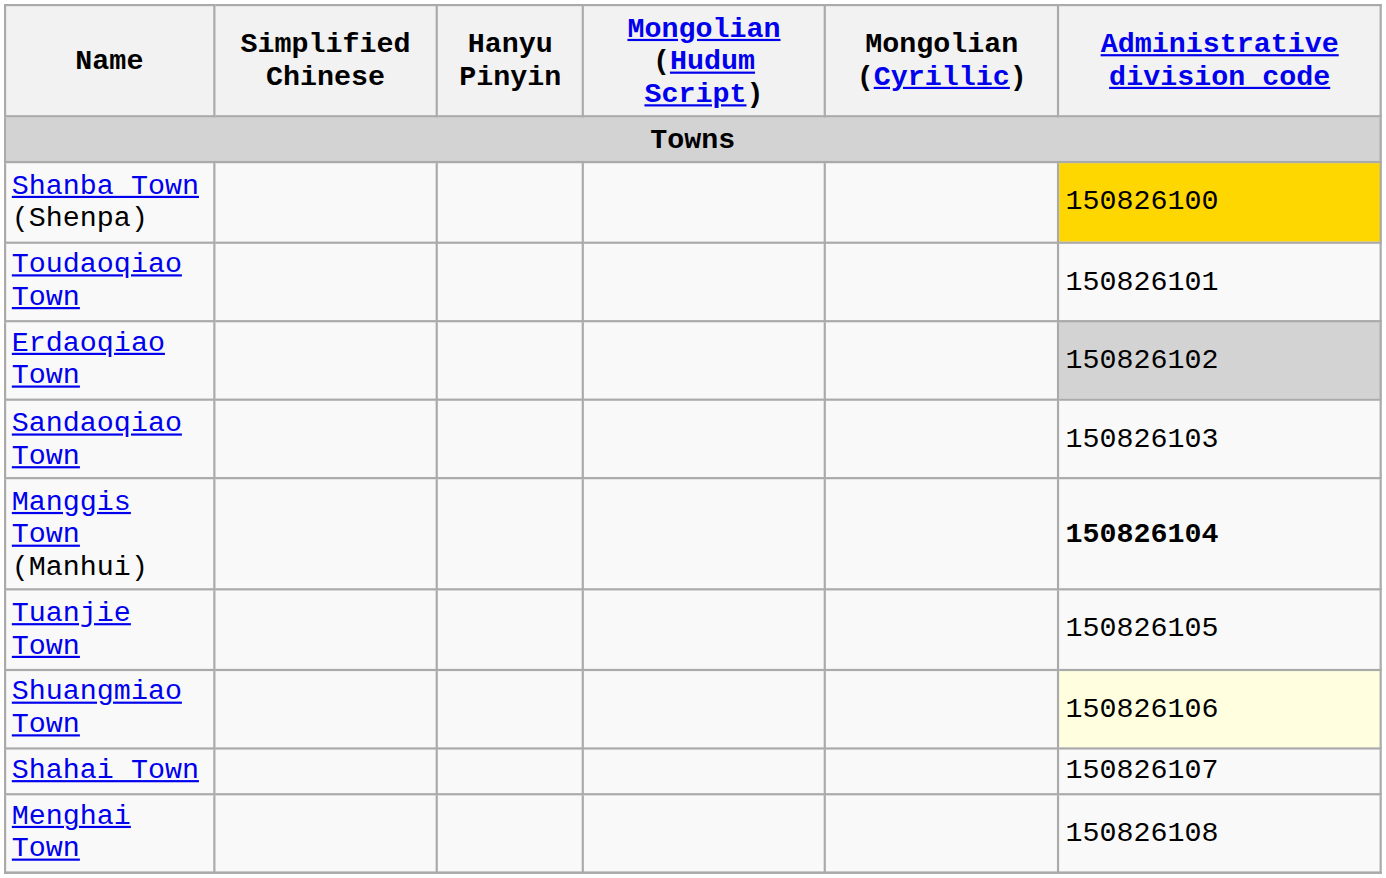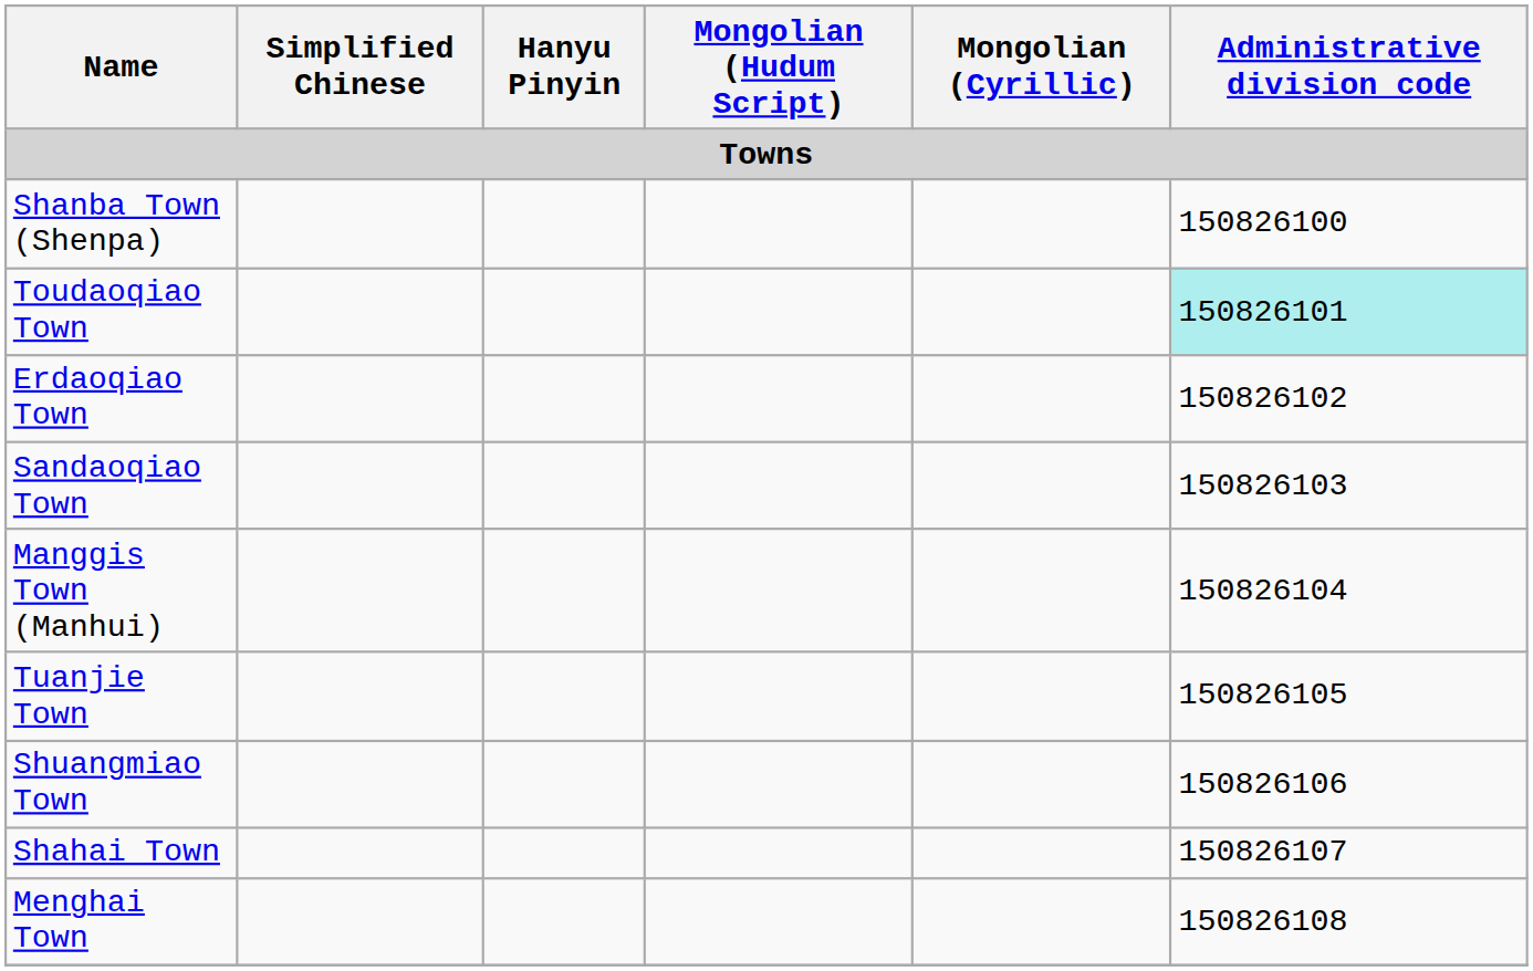 <table class="wikitable" align="center" style="width:50%; border="1">
 <tr>
 <th>Name</th>
 <th>Simplified Chinese</th>
 <th>Hanyu Pinyin</th>
 <th><a href='#'>Mongolian</a> (<a href='#'>Hudum Script</a>)</th>
 <th>Mongolian (<a href='#'>Cyrillic</a>)</th>
 <th><a href='#'>Administrative division code</a></th>
 </tr>
 <tr>
 <td colspan="6"  style="text-align:center; background:#d3d3d3;"><strong>Towns</strong></td>
 </tr>
 <tr --------->
 <td><a href='#'>Shanba Town</a><br>(Shenpa)</td>
 <td></td>
 <td></td>
 <td></td>
 <td></td>
-<td style="background: gold;">150826100</td>
+<td>150826100</td>
 </tr>
 <tr>
 <td><a href='#'>Toudaoqiao Town</a></td>
 <td></td>
 <td></td>
 <td></td>
 <td></td>
-<td>150826101</td>
+<td style="background: paleturquoise;">150826101</td>
 </tr>
 <tr>
 <td><a href='#'>Erdaoqiao Town</a></td>
 <td></td>
 <td></td>
 <td></td>
 <td></td>
-<td style="background: lightgrey;">150826102</td>
+<td>150826102</td>
 </tr>
 <tr>
 <td><a href='#'>Sandaoqiao Town</a></td>
 <td></td>
 <td></td>
 <td></td>
 <td></td>
 <td>150826103</td>
 </tr>
 <tr>
 <td><a href='#'>Manggis Town</a><br>(Manhui)</td>
 <td></td>
 <td></td>
 <td></td>
 <td></td>
-<td><strong>150826104</strong></td>
+<td>150826104</td>
 </tr>
 <tr>
 <td><a href='#'>Tuanjie Town</a></td>
 <td></td>
 <td></td>
 <td></td>
 <td></td>
 <td>150826105</td>
 </tr>
 <tr>
 <td><a href='#'>Shuangmiao Town</a></td>
 <td></td>
 <td></td>
 <td></td>
 <td></td>
-<td style="background: lightyellow;">150826106</td>
+<td>150826106</td>
 </tr>
 <tr>
 <td><a href='#'>Shahai Town</a></td>
 <td></td>
 <td></td>
 <td></td>
 <td></td>
 <td>150826107</td>
 </tr>
 <tr>
 <td><a href='#'>Menghai Town</a></td>
 <td></td>
 <td></td>
 <td></td>
 <td></td>
 <td>150826108</td>
 </tr>
 <tr>
 </tr>
 </table>
